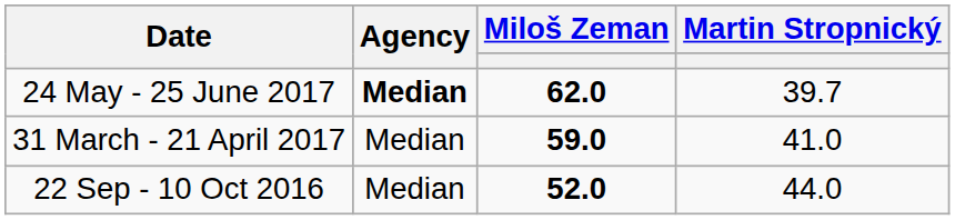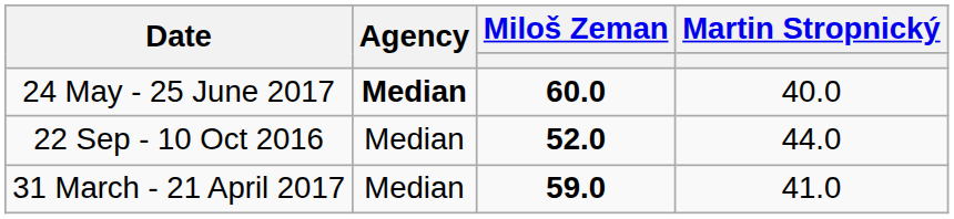 <table class="wikitable collapsible collapsed" style=text-align:center>
 <tr>
 <th rowspan="2">Date</th>
 <th rowspan="2">Agency</th>
 <th><a href='#'>Miloš Zeman</a></th>
 <th><a href='#'>Martin Stropnický</a></th>
 </tr>
 <tr>
 <th style="background:"></th>
 <th style="background:"></th>
 </tr>
 <tr>
 <td>24 May - 25 June 2017</td>
 <td><strong>Median</strong></td>
-<td><strong>62.0</strong></td>
-<td>39.7</td>
+<td><strong>60.0</strong></td>
+<td>40.0</td>
+</tr>
+<tr>
+<td>22 Sep - 10 Oct 2016</td>
+<td>Median</td>
+<td><strong>52.0</strong></td>
+<td>44.0</td>
 </tr>
 <tr>
 <td>31 March - 21 April 2017</td>
 <td>Median</td>
 <td><strong>59.0</strong></td>
 <td>41.0</td>
 </tr>
-<tr>
-<td>22 Sep - 10 Oct 2016</td>
-<td>Median</td>
-<td><strong>52.0</strong></td>
-<td>44.0</td>
-</tr>
 </table>
